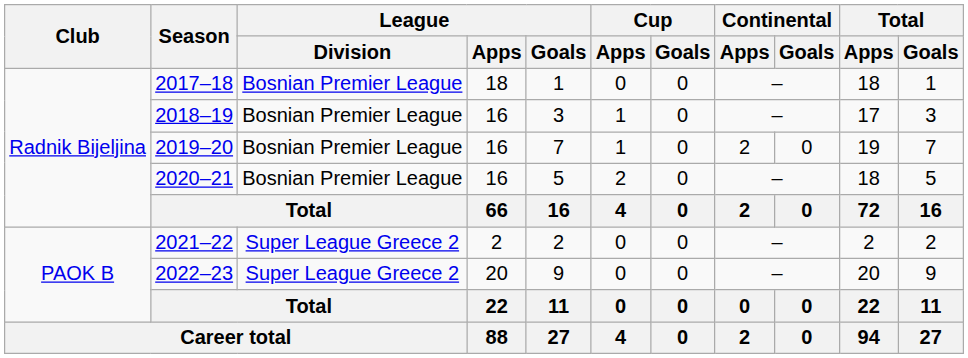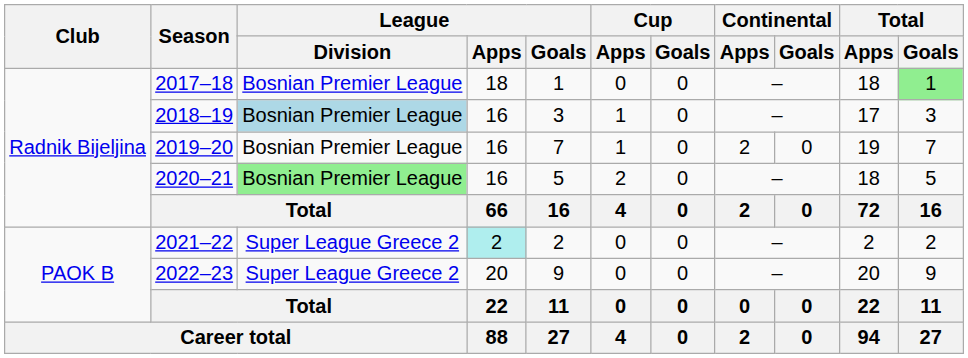 <table class=wikitable style="text-align: center">
 <tr>
 <th rowspan=2>Club</th>
 <th rowspan=2>Season</th>
 <th colspan=3>League</th>
 <th colspan=2>Cup</th>
 <th colspan=2>Continental</th>
 <th colspan=2>Total</th>
 </tr>
 <tr>
 <th>Division</th>
 <th>Apps</th>
 <th>Goals</th>
 <th>Apps</th>
 <th>Goals</th>
 <th>Apps</th>
 <th>Goals</th>
 <th>Apps</th>
 <th>Goals</th>
 </tr>
 <tr>
 <td rowspan=5><a href='#'>Radnik Bijeljina</a></td>
 <td><a href='#'>2017–18</a></td>
 <td><a href='#'>Bosnian Premier League</a></td>
 <td>18</td>
 <td>1</td>
 <td>0</td>
 <td>0</td>
 <td colspan=2>–</td>
 <td>18</td>
-<td>1</td>
+<td style="background: lightgreen;">1</td>
 </tr>
 <tr>
 <td><a href='#'>2018–19</a></td>
-<td>Bosnian Premier League</td>
+<td style="background: lightblue;">Bosnian Premier League</td>
 <td>16</td>
 <td>3</td>
 <td>1</td>
 <td>0</td>
 <td colspan=2>–</td>
 <td>17</td>
 <td>3</td>
 </tr>
 <tr>
 <td><a href='#'>2019–20</a></td>
 <td>Bosnian Premier League</td>
 <td>16</td>
 <td>7</td>
 <td>1</td>
 <td>0</td>
 <td>2</td>
 <td>0</td>
 <td>19</td>
 <td>7</td>
 </tr>
 <tr>
 <td><a href='#'>2020–21</a></td>
-<td>Bosnian Premier League</td>
+<td style="background: lightgreen;">Bosnian Premier League</td>
 <td>16</td>
 <td>5</td>
 <td>2</td>
 <td>0</td>
 <td colspan=2>–</td>
 <td>18</td>
 <td>5</td>
 </tr>
 <tr>
 <th colspan=2>Total</th>
 <th>66</th>
 <th>16</th>
 <th>4</th>
 <th>0</th>
 <th>2</th>
 <th>0</th>
 <th>72</th>
 <th>16</th>
 </tr>
 <tr>
 <td rowspan=3><a href='#'>PAOK B</a></td>
 <td><a href='#'>2021–22</a></td>
 <td><a href='#'>Super League Greece 2</a></td>
-<td>2</td>
+<td style="background: paleturquoise;">2</td>
 <td>2</td>
 <td>0</td>
 <td>0</td>
 <td colspan=2>–</td>
 <td>2</td>
 <td>2</td>
 </tr>
 <tr>
 <td><a href='#'>2022–23</a></td>
 <td><a href='#'>Super League Greece 2</a></td>
 <td>20</td>
 <td>9</td>
 <td>0</td>
 <td>0</td>
 <td colspan=2>–</td>
 <td>20</td>
 <td>9</td>
 </tr>
 <tr>
 <th colspan=2>Total</th>
 <th>22</th>
 <th>11</th>
 <th>0</th>
 <th>0</th>
 <th>0</th>
 <th>0</th>
 <th>22</th>
 <th>11</th>
 </tr>
 <tr>
 <th colspan=3>Career total</th>
 <th>88</th>
 <th>27</th>
 <th>4</th>
 <th>0</th>
 <th>2</th>
 <th>0</th>
 <th>94</th>
 <th>27</th>
 </tr>
 </table>
